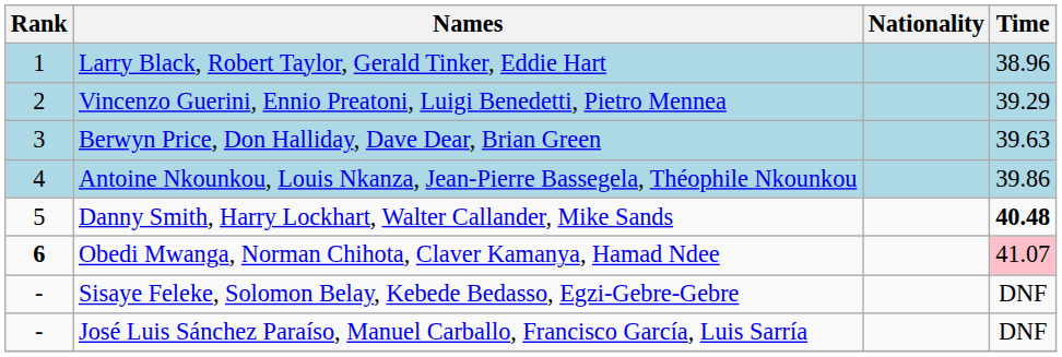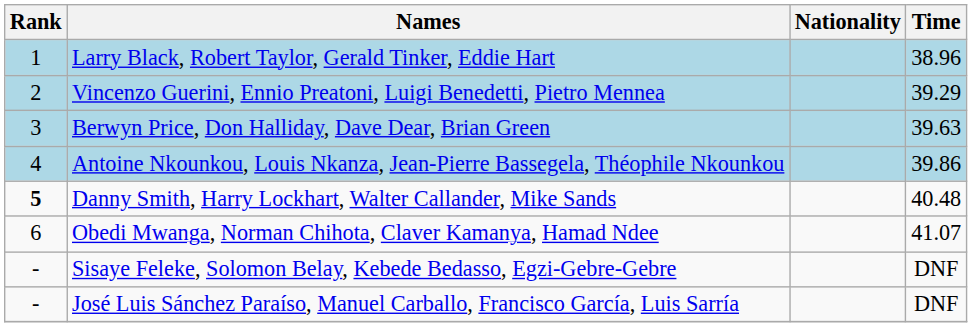 <table class="wikitable sortable" style="text-align:center">
 <tr>
 <th>Rank</th>
 <th>Names</th>
 <th>Nationality</th>
 <th>Time</th>
 </tr>
 <tr bgcolor=lightblue>
 <td>1</td>
 <td align=left><a href='#'>Larry Black</a>, <a href='#'>Robert Taylor</a>, <a href='#'>Gerald Tinker</a>, <a href='#'>Eddie Hart</a></td>
 <td align=left></td>
 <td>38.96</td>
 </tr>
 <tr bgcolor=lightblue>
 <td>2</td>
 <td align=left><a href='#'>Vincenzo Guerini</a>, <a href='#'>Ennio Preatoni</a>, <a href='#'>Luigi Benedetti</a>, <a href='#'>Pietro Mennea</a></td>
 <td align=left></td>
 <td>39.29</td>
 </tr>
 <tr bgcolor=lightblue>
 <td>3</td>
 <td align=left><a href='#'>Berwyn Price</a>, <a href='#'>Don Halliday</a>, <a href='#'>Dave Dear</a>, <a href='#'>Brian Green</a></td>
 <td align=left></td>
 <td>39.63</td>
 </tr>
 <tr bgcolor=lightblue>
 <td>4</td>
 <td align=left><a href='#'>Antoine Nkounkou</a>, <a href='#'>Louis Nkanza</a>, <a href='#'>Jean-Pierre Bassegela</a>, <a href='#'>Théophile Nkounkou</a></td>
 <td align=left></td>
 <td>39.86</td>
 </tr>
 <tr>
-<td>5</td>
+<td><strong>5</strong></td>
 <td align=left><a href='#'>Danny Smith</a>, <a href='#'>Harry Lockhart</a>, <a href='#'>Walter Callander</a>, <a href='#'>Mike Sands</a></td>
 <td align=left></td>
-<td><strong>40.48</strong></td>
+<td>40.48</td>
 </tr>
 <tr>
-<td><strong>6</strong></td>
+<td>6</td>
 <td align=left><a href='#'>Obedi Mwanga</a>, <a href='#'>Norman Chihota</a>, <a href='#'>Claver Kamanya</a>, <a href='#'>Hamad Ndee</a></td>
 <td align=left></td>
-<td style="background: pink;">41.07</td>
+<td>41.07</td>
 </tr>
 <tr>
 <td>-</td>
 <td align=left><a href='#'>Sisaye Feleke</a>, <a href='#'>Solomon Belay</a>, <a href='#'>Kebede Bedasso</a>, <a href='#'>Egzi-Gebre-Gebre</a></td>
 <td align=left></td>
 <td>DNF</td>
 </tr>
 <tr>
 <td>-</td>
 <td align=left><a href='#'>José Luis Sánchez Paraíso</a>, <a href='#'>Manuel Carballo</a>, <a href='#'>Francisco García</a>, <a href='#'>Luis Sarría</a></td>
 <td align=left></td>
 <td>DNF</td>
 </tr>
 <tr>
 </tr>
 </table>
